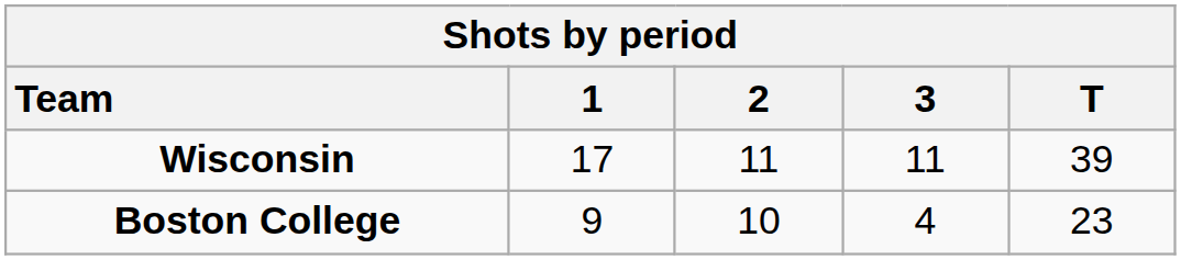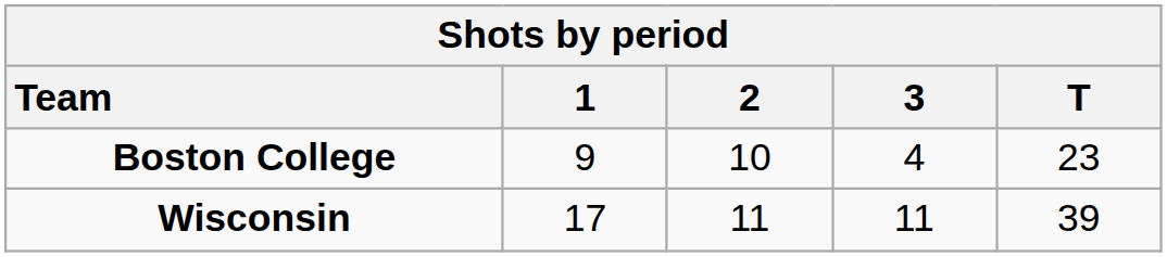 <table class="wikitable" style="width:30em; text-align:right;">
 <tr>
 <th colspan=5>Shots by period</th>
 </tr>
 <tr>
 <th style="width:10em; text-align:left;">Team</th>
 <th style="width:3em;">1</th>
 <th style="width:3em;">2</th>
 <th style="width:3em;">3</th>
 <th style="width:3em;">T</th>
 </tr>
 <tr>
+<td align=center><strong>Boston College</strong></td>
+<td align=center>9</td>
+<td align=center>10</td>
+<td align=center>4</td>
+<td align=center>23</td>
+</tr>
+<tr>
 <td align=center><strong>Wisconsin</strong></td>
 <td align=center>17</td>
 <td align=center>11</td>
 <td align=center>11</td>
 <td align=center>39</td>
 </tr>
-<tr>
-<td align=center><strong>Boston College</strong></td>
-<td align=center>9</td>
-<td align=center>10</td>
-<td align=center>4</td>
-<td align=center>23</td>
-</tr>
 </table>
